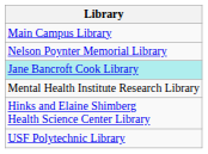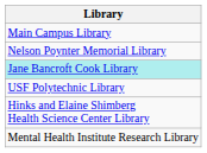 <table class="wikitable sortable">
 <tr>
 <th>Library</th>
 </tr>
 <tr valign="top">
 <td><a href='#'>Main Campus Library</a></td>
 </tr>
 <tr valign="top">
 <td><a href='#'>Nelson Poynter Memorial Library</a></td>
 </tr>
 <tr valign="top">
 <td style="background: paleturquoise;"><a href='#'>Jane Bancroft Cook Library</a></td>
 </tr>
 <tr valign="top">
-<td>Mental Health Institute Research Library</td>
+<td><a href='#'>USF Polytechnic Library</a></td>
 </tr>
 <tr valign="top">
 <td><a href='#'>Hinks and Elaine Shimberg <br>Health Science Center Library</a></td>
 </tr>
 <tr valign="top">
-<td><a href='#'>USF Polytechnic Library</a></td>
+<td>Mental Health Institute Research Library</td>
 </tr>
 </table>
